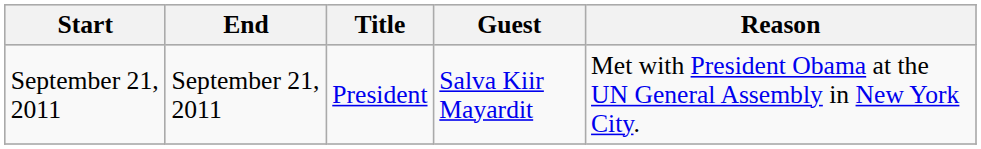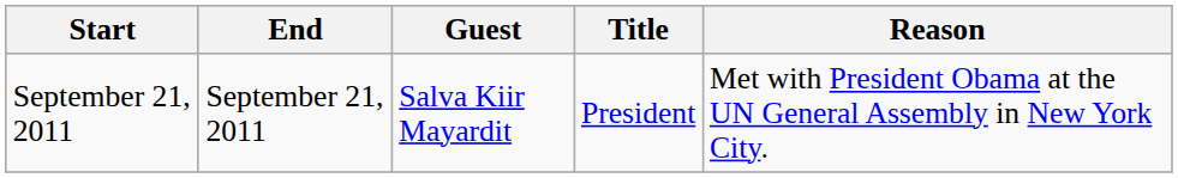 <table class="wikitable sortable">
 <tr>
 <th>Start</th>
 <th>End</th>
+<th>Guest</th>
 <th>Title</th>
-<th>Guest</th>
 <th>Reason</th>
 </tr>
 <tr>
 <td>September 21, 2011</td>
 <td>September 21, 2011</td>
+<td><a href='#'>Salva Kiir Mayardit</a></td>
 <td><a href='#'>President</a></td>
-<td><a href='#'>Salva Kiir Mayardit</a></td>
 <td>Met with <a href='#'>President Obama</a> at the <a href='#'>UN General Assembly</a> in <a href='#'>New York City</a>.</td>
 </tr>
 </table>
